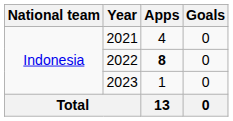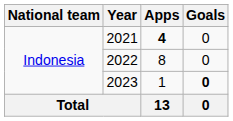 <table class="wikitable" style="text-align:center">
 <tr>
 <th>National team</th>
 <th>Year</th>
 <th>Apps</th>
 <th>Goals</th>
 </tr>
 <tr>
 <td rowspan=3><a href='#'>Indonesia</a></td>
 <td>2021</td>
-<td>4</td>
+<td><strong>4</strong></td>
 <td>0</td>
 </tr>
 <tr>
 <td>2022</td>
-<td><strong>8</strong></td>
+<td>8</td>
 <td>0</td>
 </tr>
 <tr>
 <td>2023</td>
 <td>1</td>
-<td>0</td>
+<td><strong>0</strong></td>
 </tr>
 <tr>
 <th colspan=2>Total</th>
 <th>13</th>
 <th>0</th>
 </tr>
 </table>
